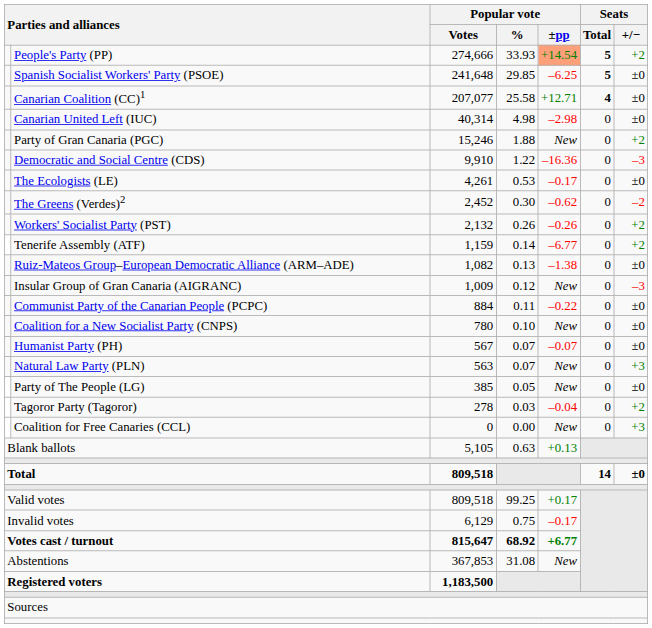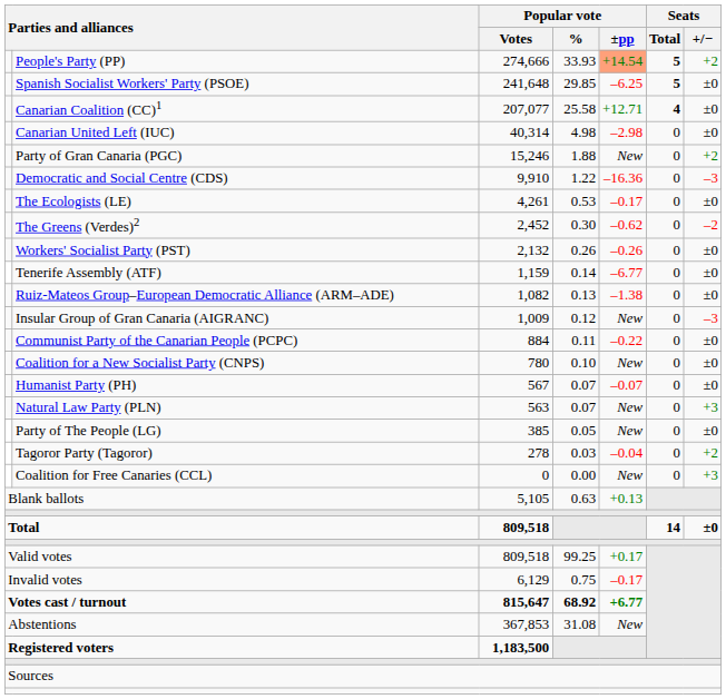 <table class="wikitable" style="text-align:right;">
 <tr>
 <th style="text-align:left;" rowspan="2" colspan="2" width="525">Parties and alliances</th>
 <th colspan="3">Popular vote</th>
 <th colspan="2">Seats</th>
 </tr>
 <tr>
 <th width="75">Votes</th>
 <th width="45">%</th>
 <th width="45">±<a href='#'>pp</a></th>
 <th width="35">Total</th>
 <th width="35">+/−</th>
 </tr>
 <tr>
 <td width="1" style="color:inherit;background:"></td>
 <td align="left"><a href='#'>People's Party</a> (PP)</td>
 <td>274,666</td>
 <td>33.93</td>
 <td style="background: lightsalmon; color:green;">+14.54</td>
 <td><strong>5</strong></td>
 <td style="color:green;">+2</td>
 </tr>
 <tr>
 <td style="color:inherit;background:"></td>
 <td align="left"><a href='#'>Spanish Socialist Workers' Party</a> (PSOE)</td>
 <td>241,648</td>
 <td>29.85</td>
 <td style="color:red;">–6.25</td>
 <td><strong>5</strong></td>
 <td>±0</td>
 </tr>
 <tr>
 <td style="color:inherit;background:"></td>
 <td align="left"><a href='#'>Canarian Coalition</a> (CC)<sup>1</sup></td>
 <td>207,077</td>
 <td>25.58</td>
 <td style="color:green;">+12.71</td>
 <td><strong>4</strong></td>
 <td>±0</td>
 </tr>
 <tr>
 <td style="color:inherit;background:"></td>
 <td align="left"><a href='#'>Canarian United Left</a> (IUC)</td>
 <td>40,314</td>
 <td>4.98</td>
 <td style="color:red;">–2.98</td>
 <td>0</td>
 <td>±0</td>
 </tr>
 <tr>
 <td style="color:inherit;background:"></td>
 <td align="left">Party of Gran Canaria (PGC)</td>
 <td>15,246</td>
 <td>1.88</td>
 <td><em>New</em></td>
 <td>0</td>
 <td style="color:green;">+2</td>
 </tr>
 <tr>
 <td style="color:inherit;background:"></td>
 <td align="left"><a href='#'>Democratic and Social Centre</a> (CDS)</td>
 <td>9,910</td>
 <td>1.22</td>
 <td style="color:red;">–16.36</td>
 <td>0</td>
 <td style="color:red;">–3</td>
 </tr>
 <tr>
 <td style="color:inherit;background:"></td>
 <td align="left"><a href='#'>The Ecologists</a> (LE)</td>
 <td>4,261</td>
 <td>0.53</td>
 <td style="color:red;">–0.17</td>
 <td>0</td>
 <td>±0</td>
 </tr>
 <tr>
 <td style="color:inherit;background:"></td>
 <td align="left"><a href='#'>The Greens</a> (Verdes)<sup>2</sup></td>
 <td>2,452</td>
 <td>0.30</td>
 <td style="color:red;">–0.62</td>
 <td>0</td>
 <td style="color:red;">–2</td>
 </tr>
 <tr>
 <td style="color:inherit;background:"></td>
 <td align="left"><a href='#'>Workers' Socialist Party</a> (PST)</td>
 <td>2,132</td>
 <td>0.26</td>
 <td style="color:red;">–0.26</td>
 <td>0</td>
-<td style="color:green;">+2</td>
+<td>±0</td>
 </tr>
 <tr>
 <td bgcolor="white"></td>
 <td align="left">Tenerife Assembly (ATF)</td>
 <td>1,159</td>
 <td>0.14</td>
 <td style="color:red;">–6.77</td>
 <td>0</td>
-<td style="color:green;">+2</td>
+<td>±0</td>
 </tr>
 <tr>
 <td style="color:inherit;background:"></td>
 <td align="left"><a href='#'>Ruiz-Mateos Group</a>–<a href='#'>European Democratic Alliance</a> (ARM–ADE)</td>
 <td>1,082</td>
 <td>0.13</td>
 <td style="color:red;">–1.38</td>
 <td>0</td>
 <td>±0</td>
 </tr>
 <tr>
 <td style="color:inherit;background:"></td>
 <td align="left">Insular Group of Gran Canaria (AIGRANC)</td>
 <td>1,009</td>
 <td>0.12</td>
 <td><em>New</em></td>
 <td>0</td>
 <td style="color:red;">–3</td>
 </tr>
 <tr>
 <td style="color:inherit;background:"></td>
 <td align="left"><a href='#'>Communist Party of the Canarian People</a> (PCPC)</td>
 <td>884</td>
 <td>0.11</td>
 <td style="color:red;">–0.22</td>
 <td>0</td>
 <td>±0</td>
 </tr>
 <tr>
 <td style="color:inherit;background:"></td>
 <td align="left"><a href='#'>Coalition for a New Socialist Party</a> (CNPS)</td>
 <td>780</td>
 <td>0.10</td>
 <td><em>New</em></td>
 <td>0</td>
 <td>±0</td>
 </tr>
 <tr>
 <td style="color:inherit;background:"></td>
 <td align="left"><a href='#'>Humanist Party</a> (PH)</td>
 <td>567</td>
 <td>0.07</td>
 <td style="color:red;">–0.07</td>
 <td>0</td>
 <td>±0</td>
 </tr>
 <tr>
 <td style="color:inherit;background:"></td>
 <td align="left"><a href='#'>Natural Law Party</a> (PLN)</td>
 <td>563</td>
 <td>0.07</td>
 <td><em>New</em></td>
 <td>0</td>
 <td style="color:green;">+3</td>
 </tr>
 <tr>
 <td bgcolor="white"></td>
 <td align="left">Party of The People (LG)</td>
 <td>385</td>
 <td>0.05</td>
 <td><em>New</em></td>
 <td>0</td>
 <td>±0</td>
 </tr>
 <tr>
 <td bgcolor="white"></td>
 <td align="left">Tagoror Party (Tagoror)</td>
 <td>278</td>
 <td>0.03</td>
 <td style="color:red;">–0.04</td>
 <td>0</td>
 <td style="color:green;">+2</td>
 </tr>
 <tr>
 <td bgcolor="white"></td>
 <td align="left">Coalition for Free Canaries (CCL)</td>
 <td>0</td>
 <td>0.00</td>
 <td><em>New</em></td>
 <td>0</td>
 <td style="color:green;">+3</td>
 </tr>
 <tr>
 <td align="left" colspan="2">Blank ballots</td>
 <td>5,105</td>
 <td>0.63</td>
 <td style="color:green;">+0.13</td>
 <td bgcolor="#E9E9E9" colspan="2"></td>
 </tr>
 <tr>
 <td colspan="7" bgcolor="#E9E9E9"></td>
 </tr>
 <tr style="font-weight:bold;">
 <td align="left" colspan="2">Total</td>
 <td>809,518</td>
 <td bgcolor="#E9E9E9" colspan="2"></td>
 <td>14</td>
 <td>±0</td>
 </tr>
 <tr>
 <td colspan="7" bgcolor="#E9E9E9"></td>
 </tr>
 <tr>
 <td align="left" colspan="2">Valid votes</td>
 <td>809,518</td>
 <td>99.25</td>
 <td style="color:green;">+0.17</td>
 <td bgcolor="#E9E9E9" colspan="2" rowspan="5"></td>
 </tr>
 <tr>
 <td align="left" colspan="2">Invalid votes</td>
 <td>6,129</td>
 <td>0.75</td>
 <td style="color:red;">–0.17</td>
 </tr>
 <tr style="font-weight:bold;">
 <td align="left" colspan="2">Votes cast / turnout</td>
 <td>815,647</td>
 <td>68.92</td>
 <td style="color:green;">+6.77</td>
 </tr>
 <tr>
 <td align="left" colspan="2">Abstentions</td>
 <td>367,853</td>
 <td>31.08</td>
 <td><em>New</em></td>
 </tr>
 <tr style="font-weight:bold;">
 <td align="left" colspan="2">Registered voters</td>
 <td>1,183,500</td>
 <td bgcolor="#E9E9E9" colspan="2"></td>
 </tr>
 <tr>
 <td colspan="7" bgcolor="#E9E9E9"></td>
 </tr>
 <tr>
 <td align="left" colspan="7">Sources</td>
 </tr>
 <tr>
 <td colspan="7" style="text-align:left; max-width:790px;"></td>
 </tr>
 </table>
